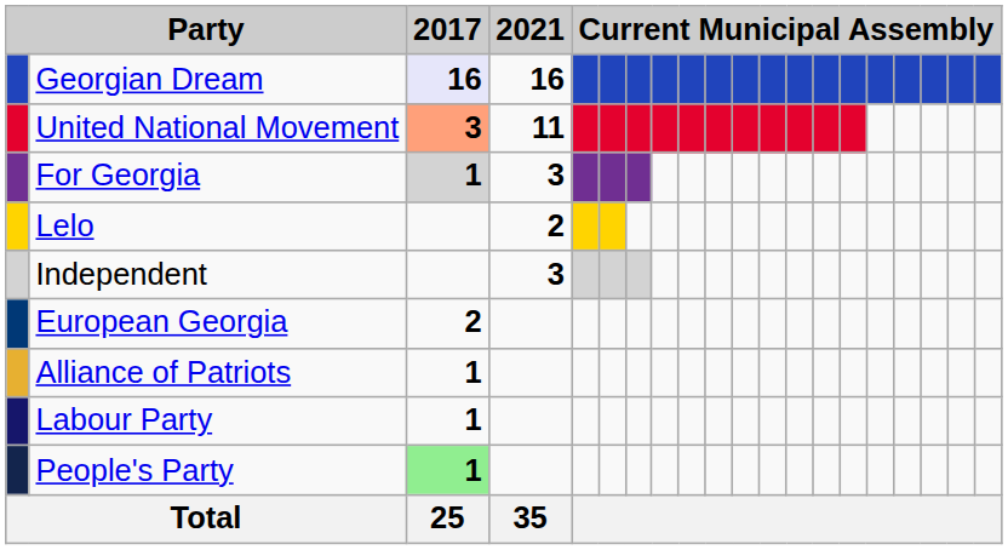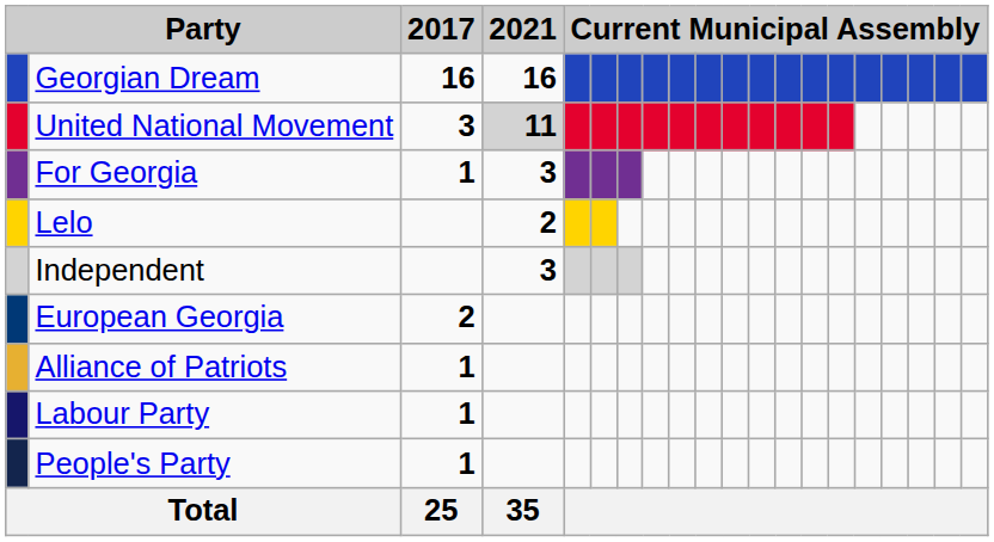 <table class="wikitable">
 <tr>
 <th style="background:#ccc" colspan="2">Party</th>
 <th style="background:#ccc">2017</th>
 <th style="background:#ccc">2021</th>
 <th colspan="44" style="background:#ccc">Current Municipal Assembly</th>
 </tr>
 <tr>
 <td style="background-color: #2044bc"> </td>
 <td><a href='#'>Georgian Dream</a></td>
-<td style="background: lavender; text-align: right"><strong>16</strong></td>
+<td style="text-align: right"><strong>16</strong></td>
 <td style="text-align: right"><strong>16</strong></td>
 <td style="background-color: #2044bc"> </td>
 <td style="background-color: #2044bc"> </td>
 <td style="background-color: #2044bc"> </td>
 <td style="background-color: #2044bc"> </td>
 <td style="background-color: #2044bc"> </td>
 <td style="background-color: #2044bc"> </td>
 <td style="background-color: #2044bc"> </td>
 <td style="background-color: #2044bc"> </td>
 <td style="background-color: #2044bc"> </td>
 <td style="background-color: #2044bc"> </td>
 <td style="background-color: #2044bc"> </td>
 <td style="background-color: #2044bc"> </td>
 <td style="background-color: #2044bc"> </td>
 <td style="background-color: #2044bc"> </td>
 <td style="background-color: #2044bc"> </td>
 <td style="background-color: #2044bc"> </td>
 </tr>
 <tr>
 <td style="background-color: #e4012e"> </td>
 <td><a href='#'>United National Movement</a></td>
-<td style="background: lightsalmon; text-align: right"><strong>3</strong></td>
-<td style="text-align: right"><strong>11</strong></td>
+<td style="text-align: right"><strong>3</strong></td>
+<td style="background: lightgrey; text-align: right"><strong>11</strong></td>
 <td style="background-color: #e4012e"> </td>
 <td style="background-color: #e4012e"> </td>
 <td style="background-color: #e4012e"> </td>
 <td style="background-color: #e4012e"> </td>
 <td style="background-color: #e4012e"> </td>
 <td style="background-color: #e4012e"> </td>
 <td style="background-color: #e4012e"> </td>
 <td style="background-color: #e4012e"> </td>
 <td style="background-color: #e4012e"> </td>
 <td style="background-color: #e4012e"> </td>
 <td style="background-color: #e4012e"> </td>
 <td></td>
 <td></td>
 <td></td>
 <td></td>
 <td></td>
 </tr>
 <tr>
 <td style="background-color: #702f92"> </td>
 <td><a href='#'>For Georgia</a></td>
-<td style="background: lightgrey; text-align: right"><strong>1</strong></td>
+<td style="text-align: right"><strong>1</strong></td>
 <td style="text-align: right"><strong>3</strong></td>
 <td style="background-color: #702f92"> </td>
 <td style="background-color: #702f92"> </td>
 <td style="background-color: #702f92"> </td>
 <td></td>
 <td></td>
 <td></td>
 <td></td>
 <td></td>
 <td></td>
 <td></td>
 <td></td>
 <td></td>
 <td></td>
 <td></td>
 <td></td>
 <td></td>
 </tr>
 <tr>
 <td style="background-color: #FFD400"> </td>
 <td><a href='#'>Lelo</a></td>
 <td></td>
 <td style="text-align: right"><strong>2</strong></td>
 <td style="background-color: #FFD400"> </td>
 <td style="background-color: #FFD400"> </td>
 <td></td>
 <td></td>
 <td></td>
 <td></td>
 <td></td>
 <td></td>
 <td></td>
 <td></td>
 <td></td>
 <td></td>
 <td></td>
 <td></td>
 <td></td>
 <td></td>
 </tr>
 <tr>
 <td style="background-color: lightgray"> </td>
 <td>Independent</td>
 <td></td>
 <td style="text-align: right"><strong>3</strong></td>
 <td style="background-color: lightgray"> </td>
 <td style="background-color: lightgray"> </td>
 <td style="background-color: lightgray"> </td>
 <td></td>
 <td></td>
 <td></td>
 <td></td>
 <td></td>
 <td></td>
 <td></td>
 <td></td>
 <td></td>
 <td></td>
 <td></td>
 <td></td>
 <td></td>
 </tr>
 <tr>
 <td style="background-color: #003876"> </td>
 <td><a href='#'>European Georgia</a></td>
 <td style="text-align: right"><strong>2</strong></td>
 <td></td>
 <td></td>
 <td></td>
 <td></td>
 <td></td>
 <td></td>
 <td></td>
 <td></td>
 <td></td>
 <td></td>
 <td></td>
 <td></td>
 <td></td>
 <td></td>
 <td></td>
 <td></td>
 <td></td>
 </tr>
 <tr>
 <td style="background-color: #e7b031"> </td>
 <td><a href='#'>Alliance of Patriots</a></td>
 <td style="text-align: right"><strong>1</strong></td>
 <td></td>
 <td></td>
 <td></td>
 <td></td>
 <td></td>
 <td></td>
 <td></td>
 <td></td>
 <td></td>
 <td></td>
 <td></td>
 <td></td>
 <td></td>
 <td></td>
 <td></td>
 <td></td>
 <td></td>
 </tr>
 <tr>
 <td style="background-color: #16166b"> </td>
 <td><a href='#'>Labour Party</a></td>
 <td style="text-align: right"><strong>1</strong></td>
 <td></td>
 <td></td>
 <td></td>
 <td></td>
 <td></td>
 <td></td>
 <td></td>
 <td></td>
 <td></td>
 <td></td>
 <td></td>
 <td></td>
 <td></td>
 <td></td>
 <td></td>
 <td></td>
 <td></td>
 </tr>
 <tr>
 <td style="background-color: #13254d"> </td>
 <td><a href='#'>People's Party</a></td>
-<td style="background: lightgreen; text-align: right"><strong>1</strong></td>
+<td style="text-align: right"><strong>1</strong></td>
 <td></td>
 <td></td>
 <td></td>
 <td></td>
 <td></td>
 <td></td>
 <td></td>
 <td></td>
 <td></td>
 <td></td>
 <td></td>
 <td></td>
 <td></td>
 <td></td>
 <td></td>
 <td></td>
 <td></td>
 </tr>
 <tr>
 <th colspan=2>Total</th>
 <th align=right>25</th>
 <th align=right>35</th>
 <th colspan="44"> </th>
 </tr>
 </table>
